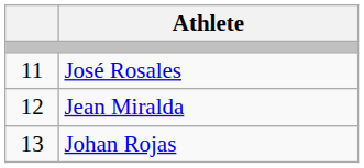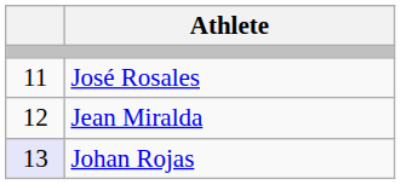 <table class="wikitable">
 <tr>
 <th width="30"></th>
 <th width="200">Athlete</th>
 </tr>
 <tr bgcolor="C0C0C0">
 <td colspan=2></td>
 </tr>
 <tr>
 <td align="center">11</td>
 <td> <a href='#'>José Rosales</a></td>
 </tr>
 <tr>
 <td align="center">12</td>
 <td> <a href='#'>Jean Miralda</a></td>
 </tr>
 <tr>
-<td align="center">13</td>
+<td align="center" style="background: lavender;">13</td>
 <td> <a href='#'>Johan Rojas</a></td>
 </tr>
 </table>
